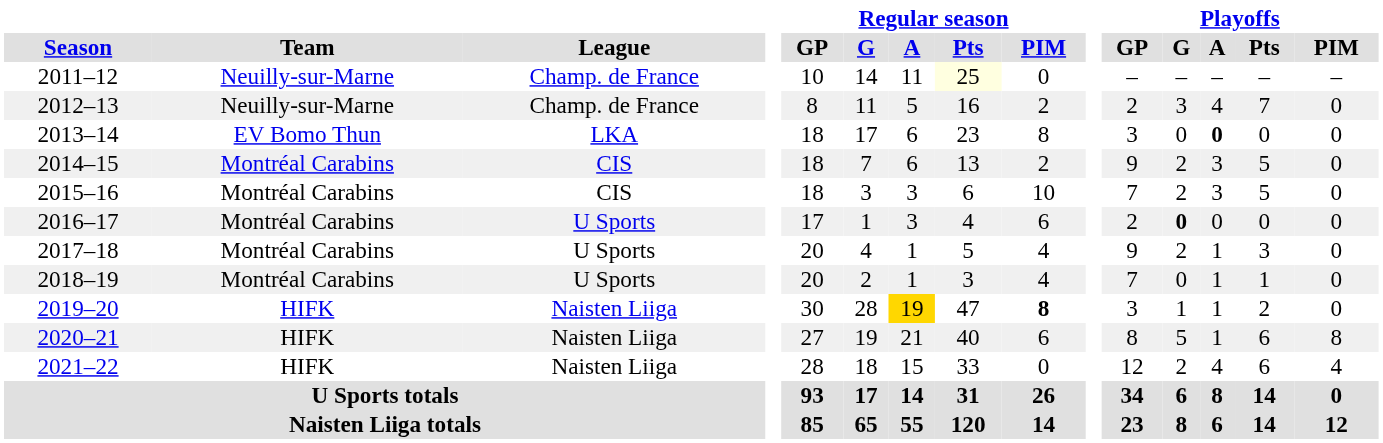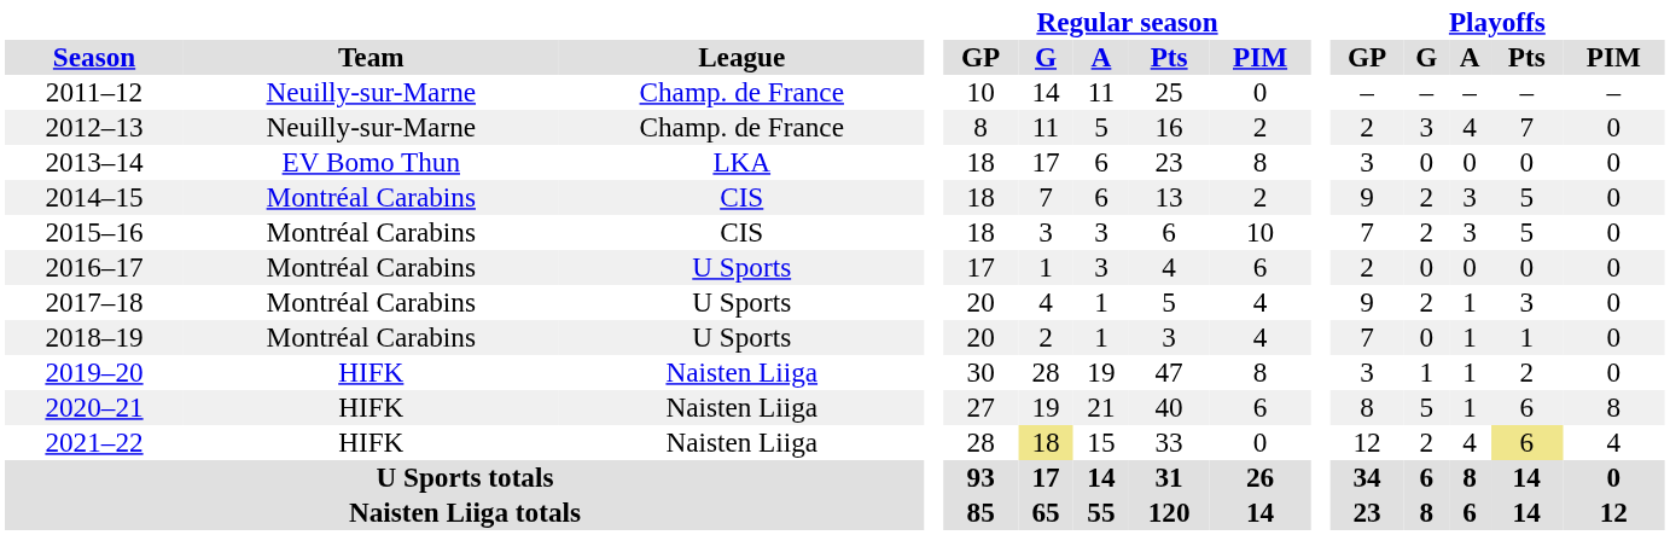 <table border="0" cellpadding="1" cellspacing="0" width="75%" style="text-align:center">
 <tr>
 <th colspan="3" bgcolor="#ffffff"> </th>
 <th rowspan="95" bgcolor="#ffffff"> </th>
 <th colspan="5"><a href='#'>Regular season</a></th>
 <th rowspan="95" bgcolor="#ffffff"> </th>
 <th colspan="5"><a href='#'>Playoffs</a></th>
 </tr>
 <tr bgcolor="#e0e0e0">
 <th><a href='#'>Season</a></th>
 <th>Team</th>
 <th>League</th>
 <th>GP</th>
 <th><a href='#'>G</a></th>
 <th><a href='#'>A</a></th>
 <th><a href='#'>Pts</a></th>
 <th><a href='#'>PIM</a></th>
 <th>GP</th>
 <th>G</th>
 <th>A</th>
 <th>Pts</th>
 <th>PIM</th>
 </tr>
 <tr>
 <td>2011–12</td>
 <td><a href='#'>Neuilly-sur-Marne</a></td>
 <td><a href='#'>Champ. de France</a></td>
 <td>10</td>
 <td>14</td>
 <td>11</td>
-<td style="background: lightyellow;">25</td>
+<td>25</td>
 <td>0</td>
 <td>–</td>
 <td>–</td>
 <td>–</td>
 <td>–</td>
 <td>–</td>
 </tr>
 <tr bgcolor="#f0f0f0">
 <td>2012–13</td>
 <td>Neuilly-sur-Marne</td>
 <td>Champ. de France</td>
 <td>8</td>
 <td>11</td>
 <td>5</td>
 <td>16</td>
 <td>2</td>
 <td>2</td>
 <td>3</td>
 <td>4</td>
 <td>7</td>
 <td>0</td>
 </tr>
 <tr>
 <td>2013–14</td>
 <td><a href='#'>EV Bomo Thun</a></td>
 <td><a href='#'>LKA</a></td>
 <td>18</td>
 <td>17</td>
 <td>6</td>
 <td>23</td>
 <td>8</td>
 <td>3</td>
 <td>0</td>
-<td><strong>0</strong></td>
+<td>0</td>
 <td>0</td>
 <td>0</td>
 </tr>
 <tr bgcolor="#f0f0f0">
 <td>2014–15</td>
 <td><a href='#'>Montréal Carabins</a></td>
 <td><a href='#'>CIS</a></td>
 <td>18</td>
 <td>7</td>
 <td>6</td>
 <td>13</td>
 <td>2</td>
 <td>9</td>
 <td>2</td>
 <td>3</td>
 <td>5</td>
 <td>0</td>
 </tr>
 <tr>
 <td>2015–16</td>
 <td>Montréal Carabins</td>
 <td>CIS</td>
 <td>18</td>
 <td>3</td>
 <td>3</td>
 <td>6</td>
 <td>10</td>
 <td>7</td>
 <td>2</td>
 <td>3</td>
 <td>5</td>
 <td>0</td>
 </tr>
 <tr bgcolor="#f0f0f0">
 <td>2016–17</td>
 <td>Montréal Carabins</td>
 <td><a href='#'>U Sports</a></td>
 <td>17</td>
 <td>1</td>
 <td>3</td>
 <td>4</td>
 <td>6</td>
 <td>2</td>
-<td><strong>0</strong></td>
+<td>0</td>
 <td>0</td>
 <td>0</td>
 <td>0</td>
 </tr>
 <tr>
 <td>2017–18</td>
 <td>Montréal Carabins</td>
 <td>U Sports</td>
 <td>20</td>
 <td>4</td>
 <td>1</td>
 <td>5</td>
 <td>4</td>
 <td>9</td>
 <td>2</td>
 <td>1</td>
 <td>3</td>
 <td>0</td>
 </tr>
 <tr bgcolor="#f0f0f0">
 <td>2018–19</td>
 <td>Montréal Carabins</td>
 <td>U Sports</td>
 <td>20</td>
 <td>2</td>
 <td>1</td>
 <td>3</td>
 <td>4</td>
 <td>7</td>
 <td>0</td>
 <td>1</td>
 <td>1</td>
 <td>0</td>
 </tr>
 <tr>
 <td><a href='#'>2019–20</a></td>
 <td><a href='#'>HIFK</a></td>
 <td><a href='#'>Naisten Liiga</a></td>
 <td>30</td>
 <td>28</td>
-<td style="background: gold;">19</td>
+<td>19</td>
 <td>47</td>
-<td><strong>8</strong></td>
+<td>8</td>
 <td>3</td>
 <td>1</td>
 <td>1</td>
 <td>2</td>
 <td>0</td>
 </tr>
 <tr bgcolor="#f0f0f0">
 <td><a href='#'>2020–21</a></td>
 <td>HIFK</td>
 <td>Naisten Liiga</td>
 <td>27</td>
 <td>19</td>
 <td>21</td>
 <td>40</td>
 <td>6</td>
 <td>8</td>
 <td>5</td>
 <td>1</td>
 <td>6</td>
 <td>8</td>
 </tr>
 <tr>
 <td><a href='#'>2021–22</a></td>
 <td>HIFK</td>
 <td>Naisten Liiga</td>
 <td>28</td>
-<td>18</td>
+<td style="background: khaki;">18</td>
 <td>15</td>
 <td>33</td>
 <td>0</td>
 <td>12</td>
 <td>2</td>
 <td>4</td>
-<td>6</td>
+<td style="background: khaki;">6</td>
 <td>4</td>
 </tr>
 <tr bgcolor="#e0e0e0">
 <th colspan="3">U Sports totals</th>
 <th>93</th>
 <th>17</th>
 <th>14</th>
 <th>31</th>
 <th>26</th>
 <th>34</th>
 <th>6</th>
 <th>8</th>
 <th>14</th>
 <th>0</th>
 </tr>
 <tr bgcolor="#e0e0e0">
 <th colspan="3">Naisten Liiga totals</th>
 <th>85</th>
 <th>65</th>
 <th>55</th>
 <th>120</th>
 <th>14</th>
 <th>23</th>
 <th>8</th>
 <th>6</th>
 <th>14</th>
 <th>12</th>
 </tr>
 </table>
